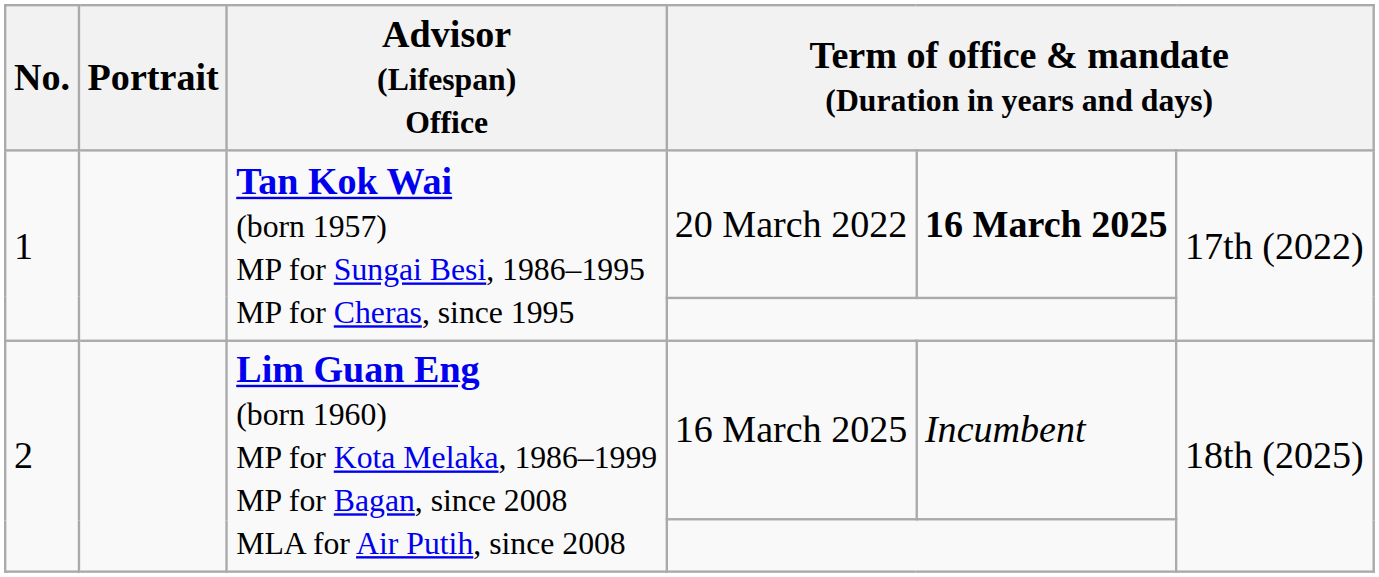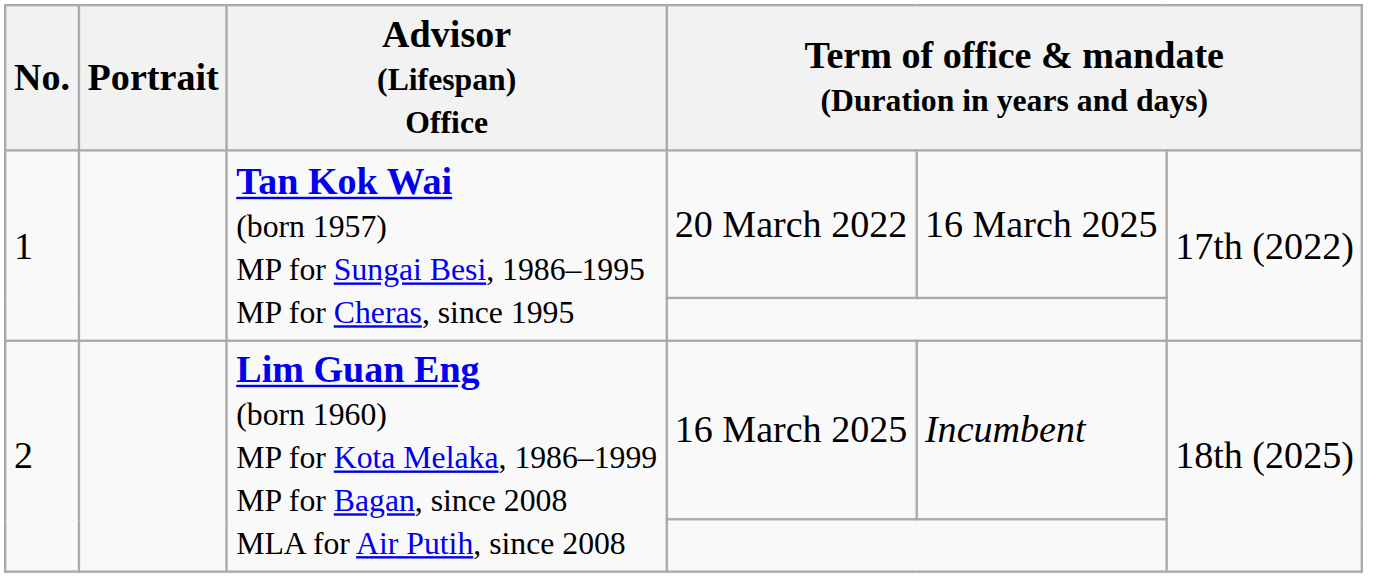 <table class="wikitable">
 <tr>
 <th>No.</th>
 <th>Portrait</th>
 <th>Advisor<br><small>(Lifespan)</small> <br><small>Office</small></th>
 <th colspan="3">Term of office & mandate<br><small>(Duration in years and days)</small></th>
 </tr>
 <tr>
 <td rowspan="2">1</td>
 <td rowspan="2"></td>
 <td rowspan="2"><strong><a href='#'>Tan Kok Wai</a></strong> <br><small>(born 1957)</small> <br> <small> MP for <a href='#'>Sungai Besi</a>, 1986–1995 </small><br><small>MP for <a href='#'>Cheras</a>, since 1995 </small></td>
 <td>20 March 2022</td>
-<td><strong>16 March 2025</strong></td>
+<td>16 March 2025</td>
 <td rowspan="2">17th (2022)</td>
 </tr>
 <tr>
 <td colspan="2" align="center"></td>
 </tr>
 <tr>
 <td rowspan="2">2</td>
 <td rowspan="2"></td>
 <td rowspan="2"><strong><a href='#'>Lim Guan Eng</a></strong> <br><small>(born 1960)</small> <br> <small> MP for <a href='#'>Kota Melaka</a>, 1986–1999 </small><br><small>MP for <a href='#'>Bagan</a>, since 2008 </small><br> <small>MLA for <a href='#'>Air Putih</a>, since 2008 </small></td>
 <td>16 March 2025</td>
 <td><em>Incumbent</em></td>
 <td rowspan="2">18th (2025)</td>
 </tr>
 <tr>
 <td colspan="2"></td>
 </tr>
 </table>
